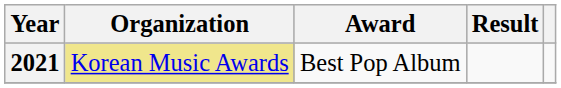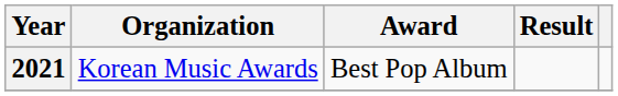 <table class="wikitable plainrowheaders">
 <tr>
 <th scope="col">Year</th>
 <th scope="col">Organization</th>
 <th scope="col">Award</th>
 <th scope="col">Result</th>
 <th scope="col"></th>
 </tr>
 <tr>
 <th scope="row">2021</th>
-<td style="background: khaki;"><a href='#'>Korean Music Awards</a></td>
+<td><a href='#'>Korean Music Awards</a></td>
 <td>Best Pop Album</td>
 <td></td>
 <td></td>
 </tr>
 <tr>
 </tr>
 </table>
